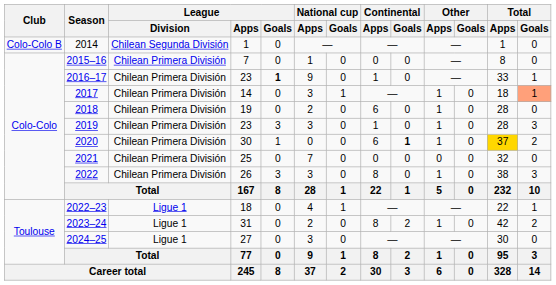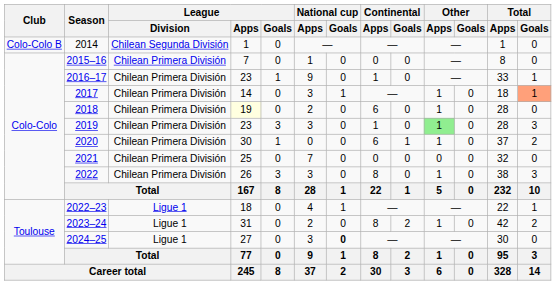 <table class="wikitable" style="text-align:center">
 <tr>
 <th rowspan="2">Club</th>
 <th rowspan="2">Season</th>
 <th colspan="3">League</th>
 <th colspan="2">National cup</th>
 <th colspan="2">Continental</th>
 <th colspan="2">Other</th>
 <th colspan="2">Total</th>
 </tr>
 <tr>
 <th>Division</th>
 <th>Apps</th>
 <th>Goals</th>
 <th>Apps</th>
 <th>Goals</th>
 <th>Apps</th>
 <th>Goals</th>
 <th>Apps</th>
 <th>Goals</th>
 <th>Apps</th>
 <th>Goals</th>
 </tr>
 <tr>
 <td><a href='#'>Colo-Colo B</a></td>
 <td>2014</td>
 <td><a href='#'>Chilean Segunda División</a></td>
 <td>1</td>
 <td>0</td>
 <td colspan="2">—</td>
 <td colspan="2">—</td>
 <td colspan="2">—</td>
 <td>1</td>
 <td>0</td>
 </tr>
 <tr>
 <td rowspan="9"><a href='#'>Colo-Colo</a></td>
 <td><a href='#'>2015–16</a></td>
 <td><a href='#'>Chilean Primera División</a></td>
 <td>7</td>
 <td>0</td>
 <td>1</td>
 <td>0</td>
 <td>0</td>
 <td>0</td>
 <td colspan="2">—</td>
 <td>8</td>
 <td>0</td>
 </tr>
 <tr>
 <td><a href='#'>2016–17</a></td>
 <td>Chilean Primera División</td>
 <td>23</td>
-<td><strong>1</strong></td>
+<td>1</td>
 <td>9</td>
 <td>0</td>
 <td>1</td>
 <td>0</td>
 <td colspan="2">—</td>
 <td>33</td>
 <td>1</td>
 </tr>
 <tr>
 <td><a href='#'>2017</a></td>
 <td>Chilean Primera División</td>
 <td>14</td>
 <td>0</td>
 <td>3</td>
 <td>1</td>
 <td colspan="2">—</td>
 <td>1</td>
 <td>0</td>
 <td>18</td>
 <td style="background: lightsalmon;">1</td>
 </tr>
 <tr>
 <td><a href='#'>2018</a></td>
 <td>Chilean Primera División</td>
-<td>19</td>
+<td style="background: lightyellow;">19</td>
 <td>0</td>
 <td>2</td>
 <td>0</td>
 <td>6</td>
 <td>0</td>
 <td>1</td>
 <td>0</td>
 <td>28</td>
 <td>0</td>
 </tr>
 <tr>
 <td><a href='#'>2019</a></td>
 <td>Chilean Primera División</td>
 <td>23</td>
 <td>3</td>
 <td>3</td>
 <td>0</td>
 <td>1</td>
 <td>0</td>
-<td>1</td>
+<td style="background: lightgreen;">1</td>
 <td>0</td>
 <td>28</td>
 <td>3</td>
 </tr>
 <tr>
 <td><a href='#'>2020</a></td>
 <td>Chilean Primera División</td>
 <td>30</td>
 <td>1</td>
 <td>0</td>
 <td>0</td>
 <td>6</td>
-<td><strong>1</strong></td>
+<td>1</td>
 <td>1</td>
 <td>0</td>
-<td style="background: gold;">37</td>
+<td>37</td>
 <td>2</td>
 </tr>
 <tr>
 <td><a href='#'>2021</a></td>
 <td>Chilean Primera División</td>
 <td>25</td>
 <td>0</td>
 <td>7</td>
 <td>0</td>
 <td>0</td>
 <td>0</td>
 <td>0</td>
 <td>0</td>
 <td>32</td>
 <td>0</td>
 </tr>
 <tr>
 <td><a href='#'>2022</a></td>
 <td>Chilean Primera División</td>
 <td>26</td>
 <td>3</td>
 <td>3</td>
 <td>0</td>
 <td>8</td>
 <td>0</td>
 <td>1</td>
 <td>0</td>
 <td>38</td>
 <td>3</td>
 </tr>
 <tr>
 <th colspan="2">Total</th>
 <th>167</th>
 <th>8</th>
 <th>28</th>
 <th>1</th>
 <th>22</th>
 <th>1</th>
 <th>5</th>
 <th>0</th>
 <th>232</th>
 <th>10</th>
 </tr>
 <tr>
 <td rowspan="4"><a href='#'>Toulouse</a></td>
 <td><a href='#'>2022–23</a></td>
 <td><a href='#'>Ligue 1</a></td>
 <td>18</td>
 <td>0</td>
 <td>4</td>
 <td>1</td>
 <td colspan="2">—</td>
 <td colspan="2">—</td>
 <td>22</td>
 <td>1</td>
 </tr>
 <tr>
 <td><a href='#'>2023–24</a></td>
 <td>Ligue 1</td>
 <td>31</td>
 <td>0</td>
 <td>2</td>
 <td>0</td>
 <td>8</td>
 <td>2</td>
 <td>1</td>
 <td>0</td>
 <td>42</td>
 <td>2</td>
 </tr>
 <tr>
 <td><a href='#'>2024–25</a></td>
 <td>Ligue 1</td>
 <td>27</td>
 <td>0</td>
 <td>3</td>
-<td>0</td>
+<td><strong>0</strong></td>
 <td colspan="2">—</td>
 <td colspan="2">—</td>
 <td>30</td>
 <td>0</td>
 </tr>
 <tr>
 <th colspan="2">Total</th>
 <th>77</th>
 <th>0</th>
 <th>9</th>
 <th>1</th>
 <th>8</th>
 <th>2</th>
 <th>1</th>
 <th>0</th>
 <th>95</th>
 <th>3</th>
 </tr>
 <tr>
 <th colspan="3">Career total</th>
 <th>245</th>
 <th>8</th>
 <th>37</th>
 <th>2</th>
 <th>30</th>
 <th>3</th>
 <th>6</th>
 <th>0</th>
 <th>328</th>
 <th>14</th>
 </tr>
 </table>
